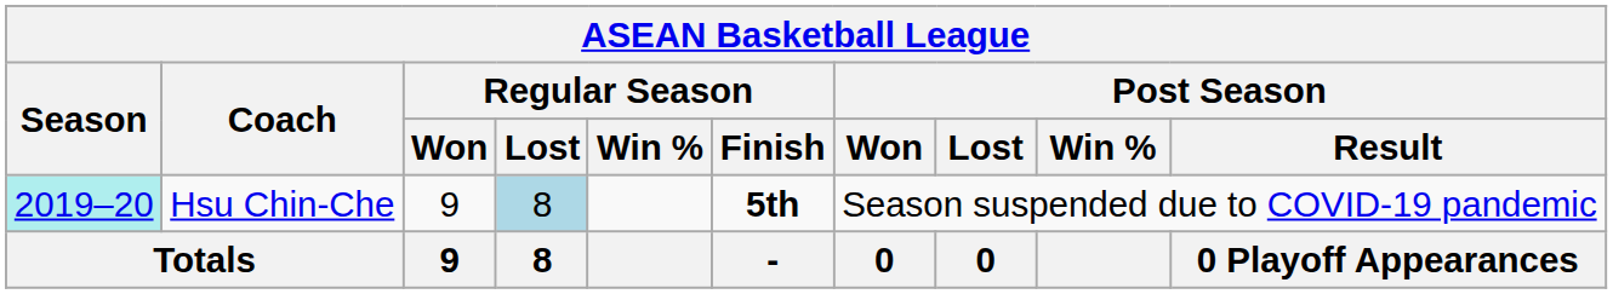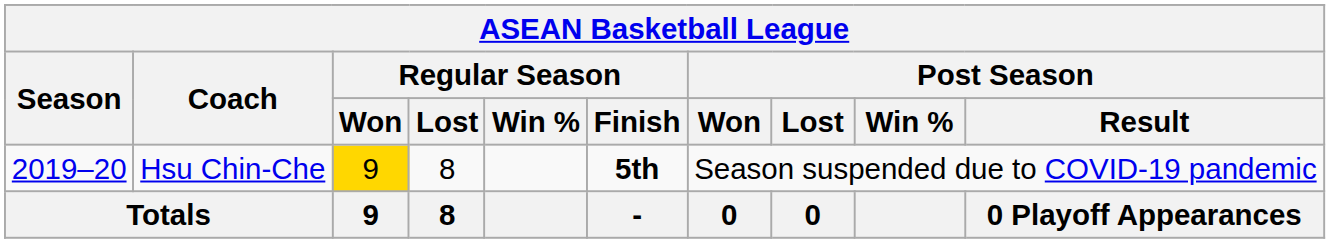 <table class="wikitable" style="font-size: 95%; text-align:center;">
 <tr>
 <th colspan="10"><a href='#'>ASEAN Basketball League</a></th>
 </tr>
 <tr>
 <th rowspan="2">Season</th>
 <th rowspan="2">Coach</th>
 <th colspan="4">Regular Season</th>
 <th colspan="4">Post Season</th>
 </tr>
 <tr>
 <th>Won</th>
 <th>Lost</th>
 <th>Win %</th>
 <th>Finish</th>
 <th>Won</th>
 <th>Lost</th>
 <th>Win %</th>
 <th>Result</th>
 </tr>
 <tr>
-<td style="background: paleturquoise;"><a href='#'>2019–20</a></td>
+<td><a href='#'>2019–20</a></td>
 <td><a href='#'>Hsu Chin-Che</a></td>
-<td>9</td>
-<td style="background: lightblue;">8</td>
+<td style="background: gold;">9</td>
+<td>8</td>
 <td></td>
 <td><strong>5th</strong></td>
 <td colspan="4">Season suspended due to <a href='#'>COVID-19 pandemic</a></td>
 </tr>
 <tr>
 <th colspan="2">Totals</th>
 <th>9</th>
 <th>8</th>
 <th></th>
 <th>-</th>
 <th>0</th>
 <th>0</th>
 <th></th>
 <th>0 Playoff Appearances</th>
 </tr>
 </table>
